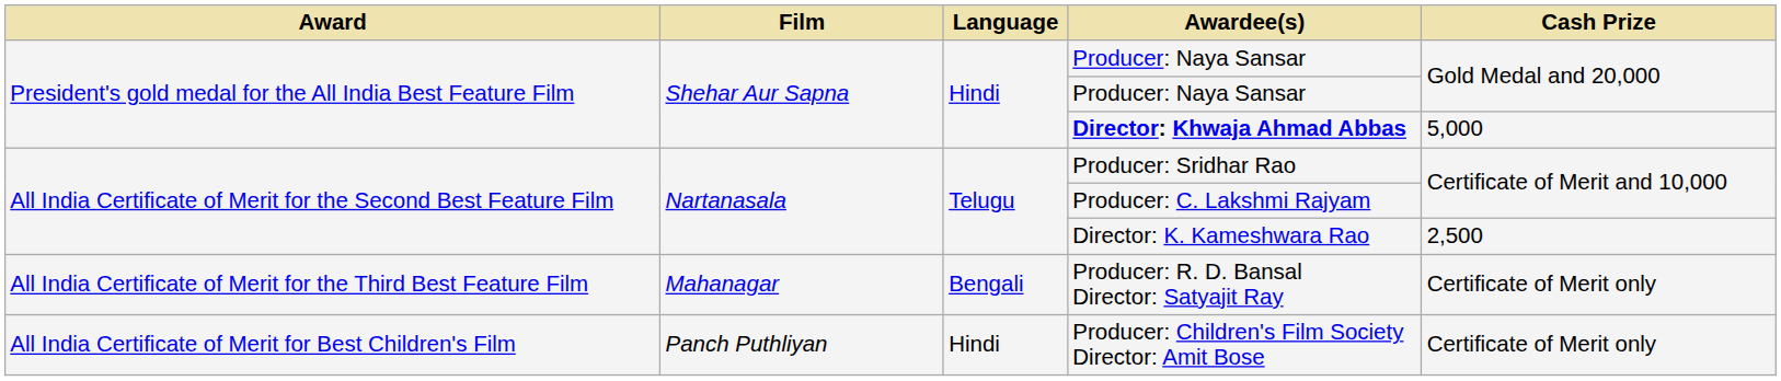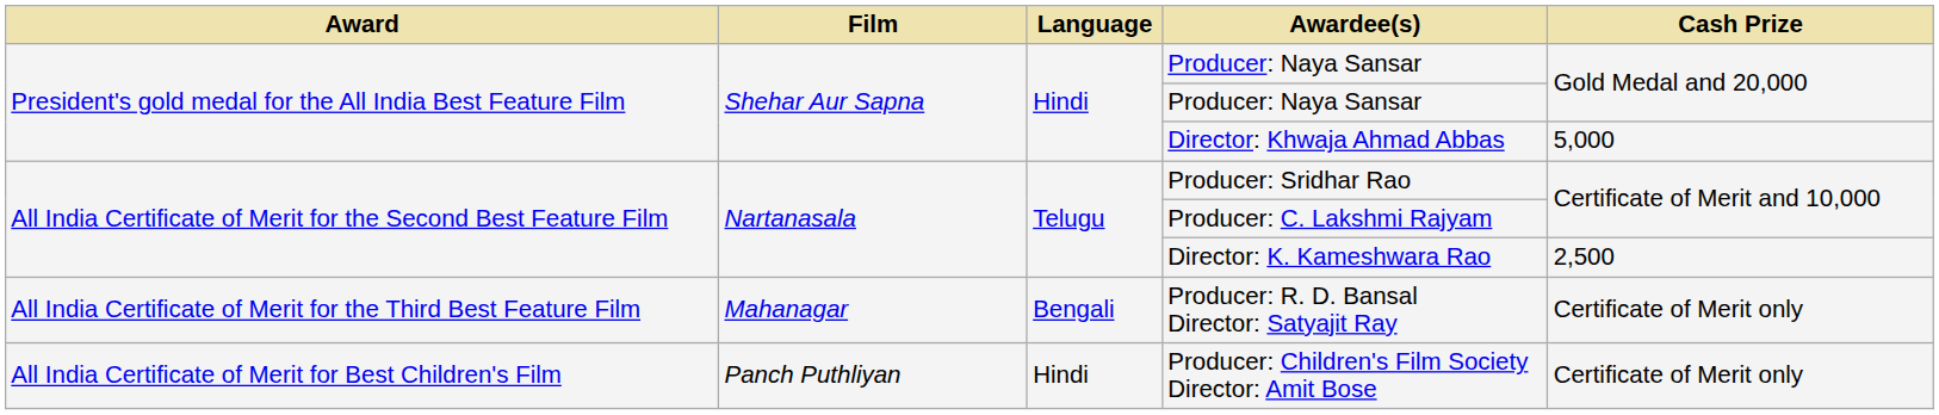 <table class="wikitable sortable" style="width:100%">
 <tr>
 <th style="background-color:#EFE4B0;width:37%;">Award</th>
 <th style="background-color:#EFE4B0;width:16%;">Film</th>
 <th style="background-color:#EFE4B0;width:7%;">Language</th>
 <th style="background-color:#EFE4B0;width:20%;">Awardee(s)</th>
 <th style="background-color:#EFE4B0;width:20%;">Cash Prize</th>
 </tr>
 <tr style="background-color:#F4F4F4">
 <td rowspan="3"><a href='#'>President's gold medal for the All India Best Feature Film</a></td>
 <td rowspan="3"><em><a href='#'>Shehar Aur Sapna</a></em></td>
 <td rowspan="3"><a href='#'>Hindi</a></td>
 <td><a href='#'>Producer</a>: Naya Sansar</td>
 <td rowspan="2">Gold Medal and 20,000</td>
 </tr>
 <tr style="background-color:#F4F4F4">
 <td>Producer: Naya Sansar</td>
 </tr>
 <tr style="background-color:#F4F4F4">
-<td><strong><a href='#'>Director</a>: <a href='#'>Khwaja Ahmad Abbas</a></strong></td>
+<td><a href='#'>Director</a>: <a href='#'>Khwaja Ahmad Abbas</a></td>
 <td>5,000</td>
 </tr>
 <tr style="background-color:#F4F4F4">
 <td rowspan="3"><a href='#'>All India Certificate of Merit for the Second Best Feature Film</a></td>
 <td rowspan="3"><em><a href='#'>Nartanasala</a></em></td>
 <td rowspan="3"><a href='#'>Telugu</a></td>
 <td>Producer: Sridhar Rao</td>
 <td rowspan="2">Certificate of Merit and 10,000</td>
 </tr>
 <tr style="background-color:#F4F4F4">
 <td>Producer: <a href='#'>C. Lakshmi Rajyam</a></td>
 </tr>
 <tr style="background-color:#F4F4F4">
 <td>Director: <a href='#'>K. Kameshwara Rao</a></td>
 <td>2,500</td>
 </tr>
 <tr style="background-color:#F4F4F4">
 <td><a href='#'>All India Certificate of Merit for the Third Best Feature Film</a></td>
 <td><em><a href='#'>Mahanagar</a></em></td>
 <td><a href='#'>Bengali</a></td>
 <td>Producer: R. D. Bansal<br>Director: <a href='#'>Satyajit Ray</a></td>
 <td>Certificate of Merit only</td>
 </tr>
 <tr style="background-color:#F4F4F4">
 <td><a href='#'>All India Certificate of Merit for Best Children's Film</a></td>
 <td><em>Panch Puthliyan</em></td>
 <td>Hindi</td>
 <td>Producer: <a href='#'>Children's Film Society</a><br>Director: <a href='#'>Amit Bose</a></td>
 <td>Certificate of Merit only</td>
 </tr>
 </table>
